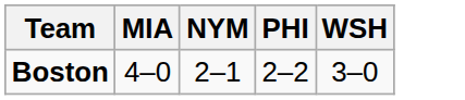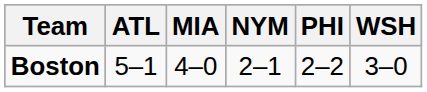 <table class="wikitable" style="text-align:center; font-size: 95%;">
 <tr>
 <th>Team</th>
+<th>ATL</th>
 <th>MIA</th>
 <th>NYM</th>
 <th>PHI</th>
 <th>WSH</th>
 </tr>
 <tr>
 <td><strong>Boston</strong></td>
+<td>5–1</td>
 <td>4–0</td>
 <td>2–1</td>
 <td>2–2</td>
 <td>3–0</td>
 </tr>
 </table>
